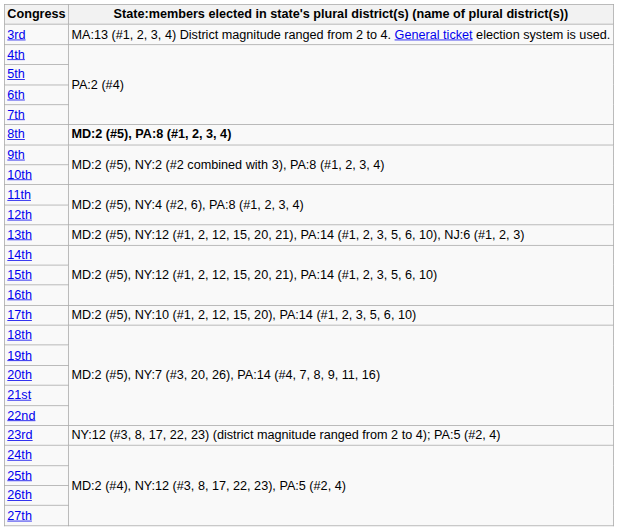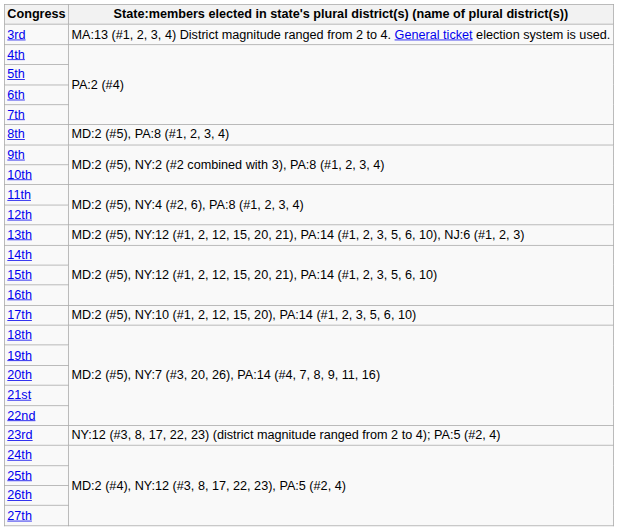 <table class="wikitable">
 <tr>
 <th>Congress</th>
 <th>State:members elected in state's plural district(s) (name of plural district(s))</th>
 </tr>
 <tr>
 <td><a href='#'>3rd</a></td>
 <td>MA:13 (#1, 2, 3, 4) District magnitude ranged from 2 to 4. <a href='#'>General ticket</a> election system is used.</td>
 </tr>
 <tr>
 <td><a href='#'>4th</a></td>
 <td rowspan="4">PA:2 (#4)</td>
 </tr>
 <tr>
 <td><a href='#'>5th</a></td>
 </tr>
 <tr>
 <td><a href='#'>6th</a></td>
 </tr>
 <tr>
 <td><a href='#'>7th</a></td>
 </tr>
 <tr>
 <td><a href='#'>8th</a></td>
-<td><strong>MD:2 (#5), PA:8 (#1, 2, 3, 4)</strong></td>
+<td>MD:2 (#5), PA:8 (#1, 2, 3, 4)</td>
 </tr>
 <tr>
 <td><a href='#'>9th</a></td>
 <td rowspan="2">MD:2 (#5), NY:2 (#2 combined with 3), PA:8 (#1, 2, 3, 4)</td>
 </tr>
 <tr>
 <td><a href='#'>10th</a></td>
 </tr>
 <tr>
 <td><a href='#'>11th</a></td>
 <td rowspan="2">MD:2 (#5), NY:4 (#2, 6), PA:8 (#1, 2, 3, 4)</td>
 </tr>
 <tr>
 <td><a href='#'>12th</a></td>
 </tr>
 <tr>
 <td><a href='#'>13th</a></td>
 <td>MD:2 (#5), NY:12 (#1, 2, 12, 15, 20, 21), PA:14 (#1, 2, 3, 5, 6, 10), NJ:6 (#1, 2, 3)</td>
 </tr>
 <tr>
 <td><a href='#'>14th</a></td>
 <td rowspan="3">MD:2 (#5), NY:12 (#1, 2, 12, 15, 20, 21), PA:14 (#1, 2, 3, 5, 6, 10)</td>
 </tr>
 <tr>
 <td><a href='#'>15th</a></td>
 </tr>
 <tr>
 <td><a href='#'>16th</a></td>
 </tr>
 <tr>
 <td><a href='#'>17th</a></td>
 <td>MD:2 (#5), NY:10 (#1, 2, 12, 15, 20), PA:14 (#1, 2, 3, 5, 6, 10)</td>
 </tr>
 <tr>
 <td><a href='#'>18th</a></td>
 <td rowspan="5">MD:2 (#5), NY:7 (#3, 20, 26), PA:14 (#4, 7, 8, 9, 11, 16)</td>
 </tr>
 <tr>
 <td><a href='#'>19th</a></td>
 </tr>
 <tr>
 <td><a href='#'>20th</a></td>
 </tr>
 <tr>
 <td><a href='#'>21st</a></td>
 </tr>
 <tr>
 <td><a href='#'>22nd</a></td>
 </tr>
 <tr>
 <td><a href='#'>23rd</a></td>
 <td>NY:12 (#3, 8, 17, 22, 23) (district magnitude ranged from 2 to 4); PA:5 (#2, 4)</td>
 </tr>
 <tr>
 <td><a href='#'>24th</a></td>
 <td rowspan="4">MD:2 (#4), NY:12 (#3, 8, 17, 22, 23), PA:5 (#2, 4)</td>
 </tr>
 <tr>
 <td><a href='#'>25th</a></td>
 </tr>
 <tr>
 <td><a href='#'>26th</a></td>
 </tr>
 <tr>
 <td><a href='#'>27th</a></td>
 </tr>
 </table>
